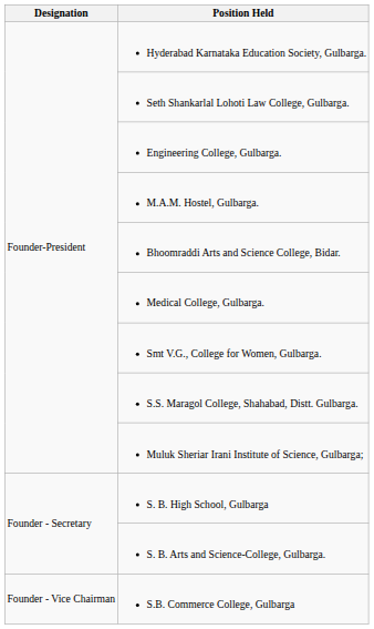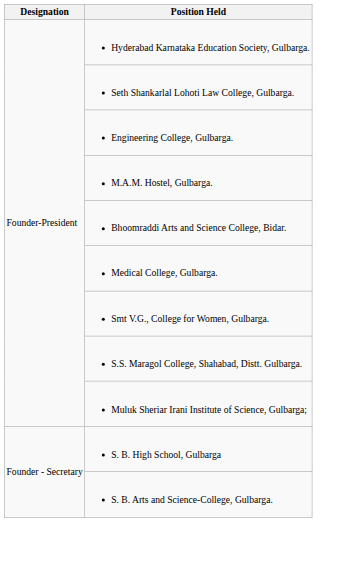 <table class="wikitable">
 <tr>
 <th>Designation</th>
 <th>Position Held</th>
 </tr>
 <tr>
 <td rowspan="9">Founder-President</td>
 <td><br><ul><li>Hyderabad Karnataka Education Society, Gulbarga.</li></ul></td>
 </tr>
 <tr>
 <td><br><ul><li>Seth Shankarlal Lohoti Law College, Gulbarga.</li></ul></td>
 </tr>
 <tr>
 <td><br><ul><li>Engineering College, Gulbarga.</li></ul></td>
 </tr>
 <tr>
 <td><br><ul><li>M.A.M. Hostel, Gulbarga.</li></ul></td>
 </tr>
 <tr>
 <td><br><ul><li>Bhoomraddi Arts and Science College, Bidar.</li></ul></td>
 </tr>
 <tr>
 <td><br><ul><li>Medical College, Gulbarga.</li></ul></td>
 </tr>
 <tr>
 <td><br><ul><li>Smt V.G., College for Women, Gulbarga.</li></ul></td>
 </tr>
 <tr>
 <td><br><ul><li>S.S. Maragol College, Shahabad, Distt. Gulbarga.</li></ul></td>
 </tr>
 <tr>
 <td><br><ul><li>Muluk Sheriar Irani Institute of Science, Gulbarga;</li></ul></td>
 </tr>
 <tr>
 <td rowspan="2">Founder - Secretary</td>
 <td><br><ul><li>S. B. High School, Gulbarga</li></ul></td>
 </tr>
 <tr>
 <td><br><ul><li>S. B. Arts and Science-College, Gulbarga.</li></ul></td>
 </tr>
-<tr>
-<td>Founder - Vice Chairman</td>
-<td><br><ul><li>S.B. Commerce College, Gulbarga</li></ul></td>
-</tr>
 </table>
